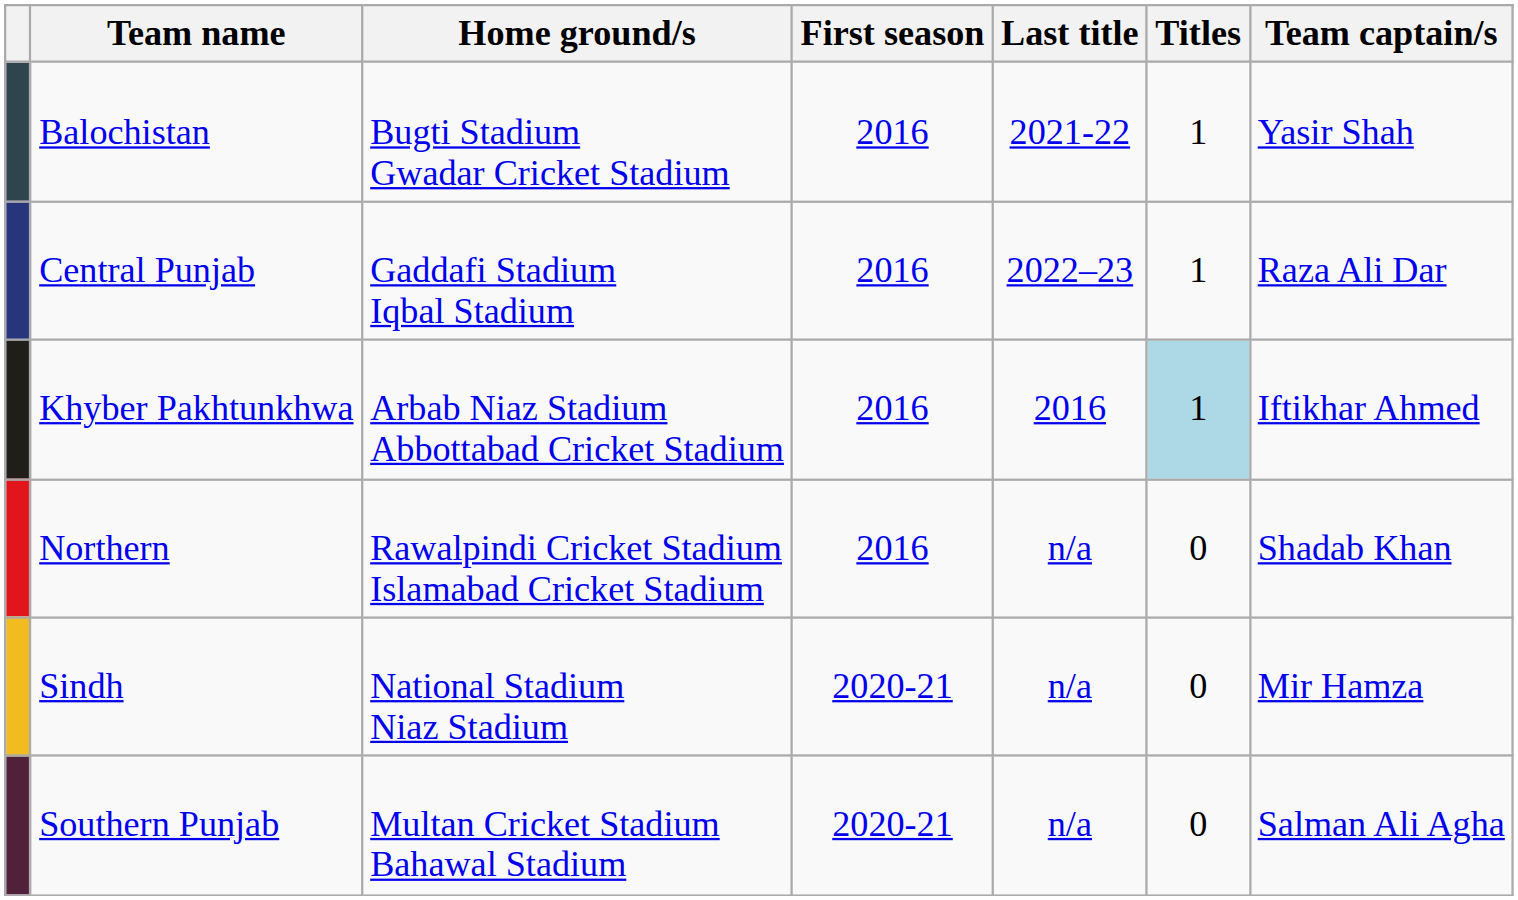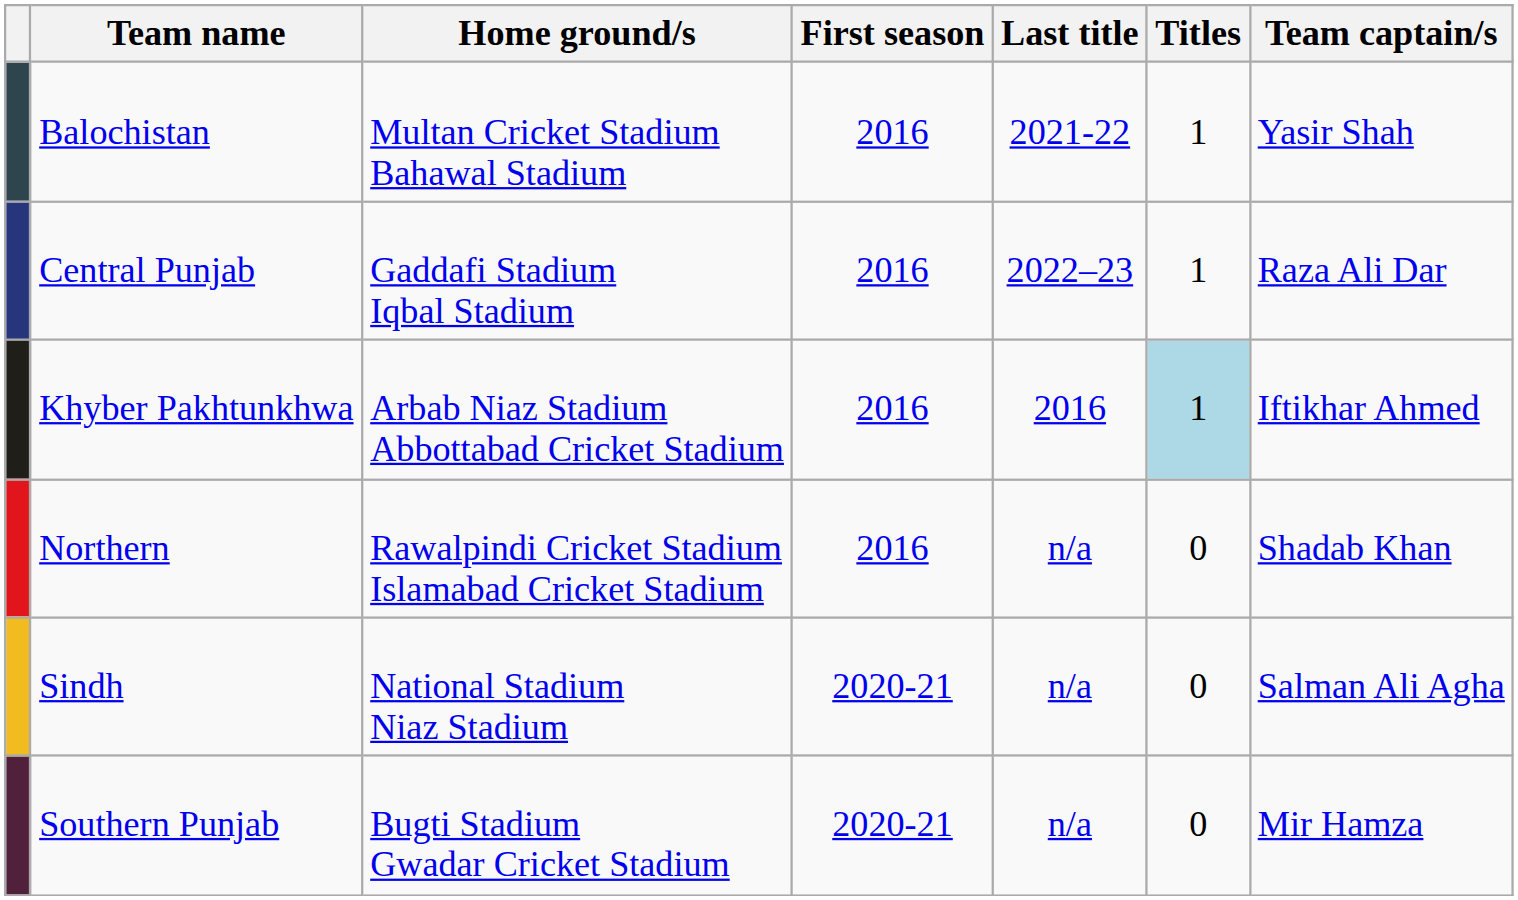 <table class="wikitable sortable">
 <tr>
 <th></th>
 <th>Team name<br></th>
 <th>Home ground/s</th>
 <th>First season</th>
 <th>Last title</th>
 <th>Titles</th>
 <th>Team captain/s</th>
 </tr>
 <tr>
 <td bgcolor="#2e454d"> </td>
 <td><a href='#'>Balochistan</a><br><small> </small></td>
-<td><br><a href='#'>Bugti Stadium</a><br> <a href='#'>Gwadar Cricket Stadium</a><br></td>
+<td><br><a href='#'>Multan Cricket Stadium</a><br> <a href='#'>Bahawal Stadium</a></td>
 <td align="center"><a href='#'>2016</a></td>
 <td align=center><a href='#'>2021-22</a></td>
 <td align=center>1</td>
 <td><a href='#'>Yasir Shah</a></td>
 </tr>
 <tr>
 <td bgcolor="#27357c"> </td>
 <td><a href='#'>Central Punjab</a><br><small> </small></td>
 <td><br><a href='#'>Gaddafi Stadium</a><br> <a href='#'>Iqbal Stadium</a></td>
 <td align="center"><a href='#'>2016</a></td>
 <td align=center><a href='#'>2022–23</a></td>
 <td align=center>1</td>
 <td><a href='#'>Raza Ali Dar</a></td>
 </tr>
 <tr>
 <td bgcolor="#1f1e19"> </td>
 <td><a href='#'>Khyber Pakhtunkhwa</a><br><small> </small></td>
 <td><br><a href='#'>Arbab Niaz Stadium</a><br> <a href='#'>Abbottabad Cricket Stadium</a></td>
 <td align=center><a href='#'>2016</a></td>
 <td align=center><a href='#'>2016</a></td>
 <td align=center style="background: lightblue;">1</td>
 <td><a href='#'>Iftikhar Ahmed</a></td>
 </tr>
 <tr>
 <td bgcolor="#e2151c"> </td>
 <td><a href='#'>Northern</a><br><small> </small></td>
 <td><br><a href='#'>Rawalpindi Cricket Stadium</a><br> <a href='#'>Islamabad Cricket Stadium</a></td>
 <td align="center"><a href='#'>2016</a></td>
 <td align=center><a href='#'>n/a</a></td>
 <td align=center>0</td>
 <td><a href='#'>Shadab Khan</a></td>
 </tr>
 <tr>
 <td bgcolor="#f2bb20"> </td>
 <td><a href='#'>Sindh</a><br><small></small></td>
 <td><br><a href='#'>National Stadium</a><br> <a href='#'>Niaz Stadium</a></td>
 <td align=center><a href='#'>2020-21</a></td>
 <td align=center><a href='#'>n/a</a></td>
 <td align=center>0</td>
-<td><a href='#'>Mir Hamza</a></td>
+<td><a href='#'>Salman Ali Agha</a></td>
 </tr>
 <tr>
 <td bgcolor="#51213b"> </td>
 <td><a href='#'>Southern Punjab</a><br><small> </small></td>
-<td><br><a href='#'>Multan Cricket Stadium</a><br> <a href='#'>Bahawal Stadium</a></td>
+<td><br><a href='#'>Bugti Stadium</a><br> <a href='#'>Gwadar Cricket Stadium</a><br></td>
 <td align="center"><a href='#'>2020-21</a></td>
 <td align=center><a href='#'>n/a</a></td>
 <td align=center>0</td>
-<td><a href='#'>Salman Ali Agha</a></td>
+<td><a href='#'>Mir Hamza</a></td>
 </tr>
 </table>
